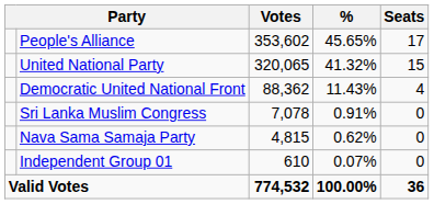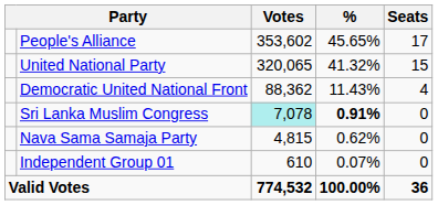 <table class="wikitable" border="1" style="text-align:right;">
 <tr>
 <th align=left colspan=2>Party</th>
 <th align=center width="60">Votes</th>
 <th align=center width="60">%</th>
 <th align=center width="40">Seats</th>
 </tr>
 <tr>
 <td bgcolor=> </td>
 <td align=left><a href='#'>People's Alliance</a></td>
 <td>353,602</td>
 <td>45.65%</td>
 <td>17</td>
 </tr>
 <tr>
 <td bgcolor=> </td>
 <td align=left><a href='#'>United National Party</a></td>
 <td>320,065</td>
 <td>41.32%</td>
 <td>15</td>
 </tr>
 <tr>
 <td bgcolor=> </td>
 <td align=left><a href='#'>Democratic United National Front</a></td>
 <td>88,362</td>
 <td>11.43%</td>
 <td>4</td>
 </tr>
 <tr>
 <td bgcolor=> </td>
 <td align=left><a href='#'>Sri Lanka Muslim Congress</a></td>
-<td>7,078</td>
-<td>0.91%</td>
+<td style="background: paleturquoise;">7,078</td>
+<td><strong>0.91%</strong></td>
 <td>0</td>
 </tr>
 <tr>
 <td bgcolor=> </td>
 <td align=left><a href='#'>Nava Sama Samaja Party</a></td>
 <td>4,815</td>
 <td>0.62%</td>
 <td>0</td>
 </tr>
 <tr>
 <td bgcolor=> </td>
 <td align=left><a href='#'>Independent Group 01</a></td>
 <td>610</td>
 <td>0.07%</td>
 <td>0</td>
 </tr>
 <tr>
 <td align=left colspan=2><strong>Valid Votes</strong></td>
 <td><strong>774,532</strong></td>
 <td><strong>100.00%</strong></td>
 <td><strong>36</strong></td>
 </tr>
 </table>
